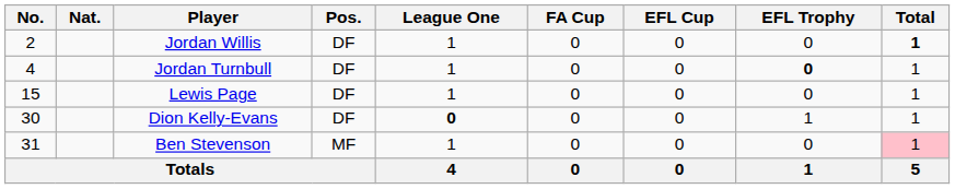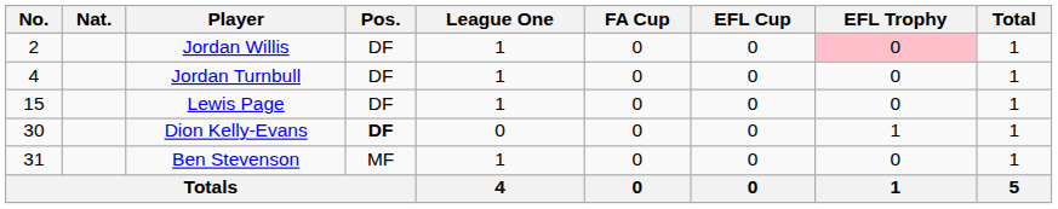 <table class="wikitable sortable alternance" style="font-size:85%; text-align:center; line-height:14px; width:60%;">
 <tr>
 <th>No.</th>
 <th>Nat.</th>
 <th>Player</th>
 <th>Pos.</th>
 <th>League One</th>
 <th>FA Cup</th>
 <th>EFL Cup</th>
 <th>EFL Trophy</th>
 <th>Total</th>
 </tr>
 <tr>
 <td>2</td>
 <td></td>
 <td><a href='#'>Jordan Willis</a></td>
 <td>DF</td>
 <td>1</td>
 <td>0</td>
 <td>0</td>
-<td>0</td>
-<td><strong>1</strong></td>
+<td style="background: pink;">0</td>
+<td>1</td>
 </tr>
 <tr>
 <td>4</td>
 <td></td>
 <td><a href='#'>Jordan Turnbull</a></td>
 <td>DF</td>
 <td>1</td>
 <td>0</td>
 <td>0</td>
-<td><strong>0</strong></td>
+<td>0</td>
 <td>1</td>
 </tr>
 <tr>
 <td>15</td>
 <td></td>
 <td><a href='#'>Lewis Page</a></td>
 <td>DF</td>
 <td>1</td>
 <td>0</td>
 <td>0</td>
 <td>0</td>
 <td>1</td>
 </tr>
 <tr>
 <td>30</td>
 <td></td>
 <td><a href='#'>Dion Kelly-Evans</a></td>
-<td>DF</td>
-<td><strong>0</strong></td>
+<td><strong>DF</strong></td>
+<td>0</td>
 <td>0</td>
 <td>0</td>
 <td>1</td>
 <td>1</td>
 </tr>
 <tr>
 <td>31</td>
 <td></td>
 <td><a href='#'>Ben Stevenson</a></td>
 <td>MF</td>
 <td>1</td>
 <td>0</td>
 <td>0</td>
 <td>0</td>
-<td style="background: pink;">1</td>
+<td>1</td>
 </tr>
 <tr class="sortbottom">
 <th colspan="4">Totals</th>
 <th>4</th>
 <th>0</th>
 <th>0</th>
 <th>1</th>
 <th>5</th>
 </tr>
 </table>
